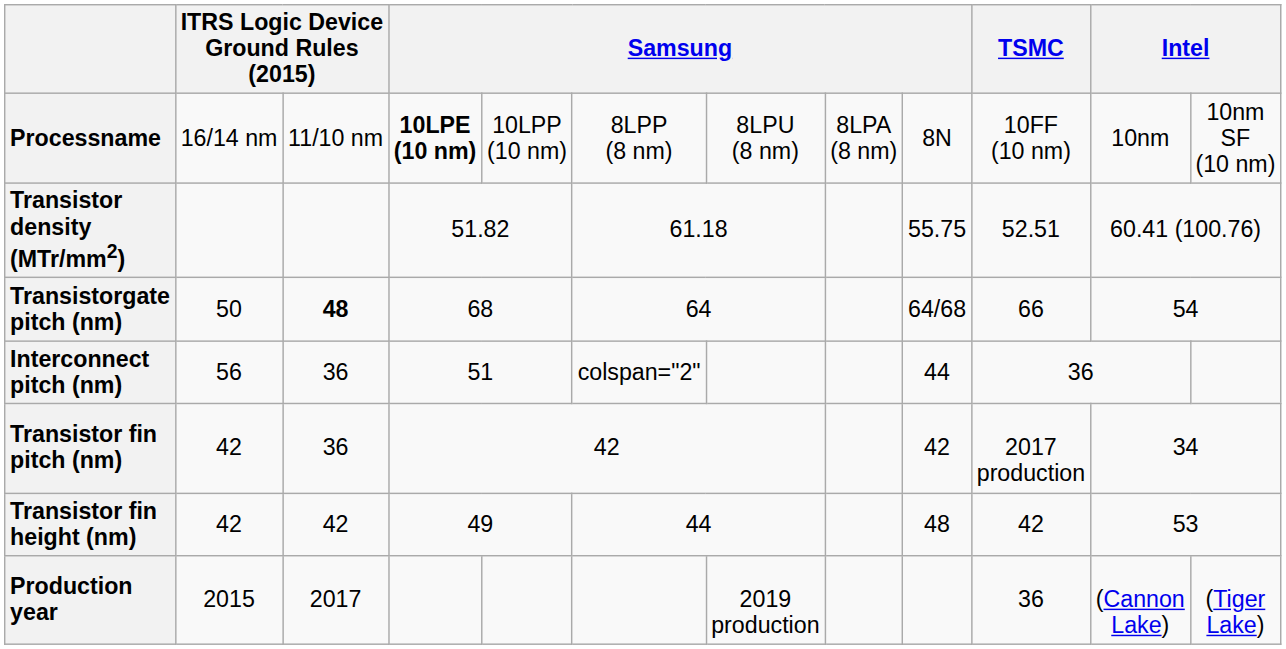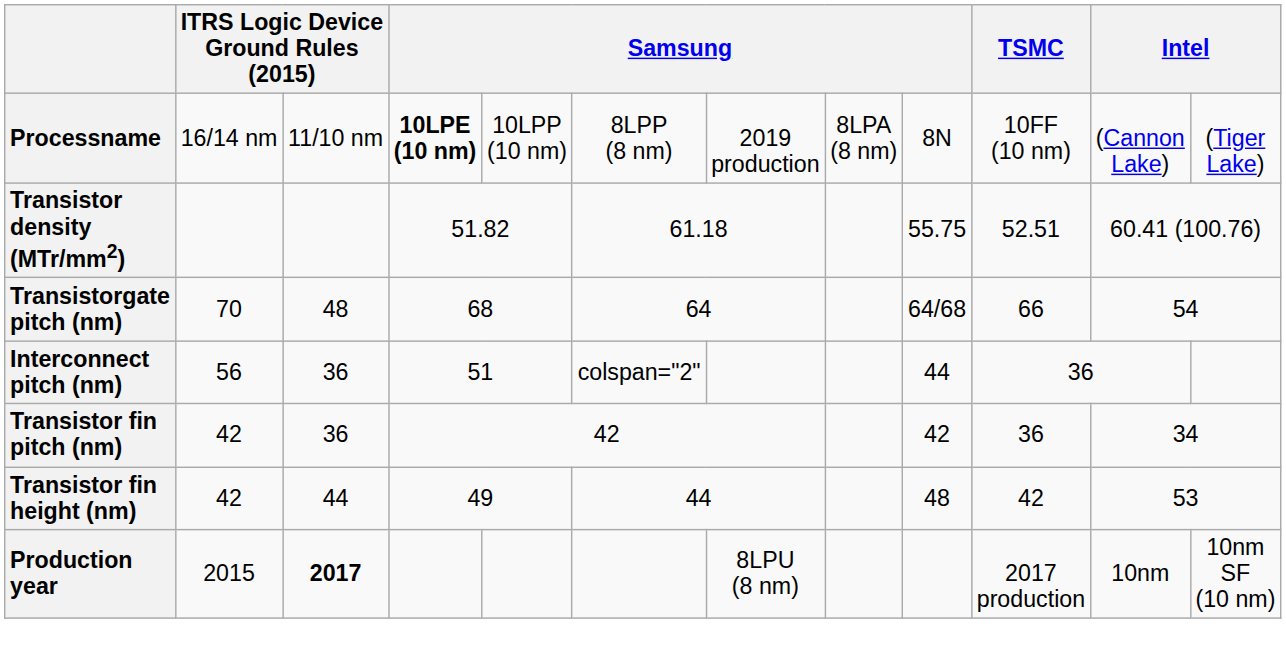 <table class="wikitable" style="text-align:center;">
 <tr>
 <th></th>
 <th colspan="2">ITRS Logic Device<br>Ground Rules (2015)</th>
 <th colspan="6"><a href='#'>Samsung</a></th>
 <th><a href='#'>TSMC</a></th>
 <th colspan="2"><a href='#'>Intel</a></th>
 </tr>
 <tr>
 <th style="text-align:left;">Processname</th>
 <td>16/14 nm</td>
 <td>11/10 nm</td>
 <td><strong>10LPE<br>(10 nm)</strong></td>
 <td>10LPP<br>(10 nm)</td>
 <td>8LPP<br>(8 nm)</td>
-<td>8LPU<br>(8 nm)</td>
+<td><br>2019 production</td>
 <td>8LPA<br>(8 nm)</td>
 <td>8N</td>
 <td>10FF<br>(10 nm)</td>
-<td>10nm</td>
-<td>10nm SF<br>(10 nm)</td>
+<td> <br>(<a href='#'>Cannon Lake</a>)</td>
+<td> <br>(<a href='#'>Tiger Lake</a>)</td>
 </tr>
 <tr>
 <th style="text-align:left;">Transistor density (MTr/mm<sup>2</sup>)</th>
 <td></td>
 <td></td>
 <td colspan="2">51.82</td>
 <td colspan="2">61.18</td>
 <td></td>
 <td>55.75</td>
 <td>52.51</td>
 <td colspan="2">60.41 (100.76)</td>
 </tr>
 <tr>
 <th style="text-align:left;">Transistorgate pitch (nm)</th>
-<td>50</td>
-<td><strong>48</strong></td>
+<td>70</td>
+<td>48</td>
 <td colspan="2">68</td>
 <td colspan="2">64</td>
 <td></td>
 <td>64/68</td>
 <td>66</td>
 <td colspan="2">54</td>
 </tr>
 <tr>
 <th style="text-align:left;">Interconnect pitch (nm)</th>
 <td>56</td>
 <td>36</td>
 <td colspan="2">51</td>
 <td>colspan="2" </td>
 <td></td>
 <td></td>
 <td>44</td>
 <td colspan="2">36</td>
 </tr>
 <tr>
 <th style="text-align:left;">Transistor fin pitch (nm)</th>
 <td>42</td>
 <td>36</td>
 <td colspan="4">42</td>
 <td></td>
 <td>42</td>
-<td><br>2017 production</td>
+<td>36</td>
 <td colspan="2">34</td>
 </tr>
 <tr>
 <th style="text-align:left;">Transistor fin height (nm)</th>
 <td>42</td>
-<td>42</td>
+<td>44</td>
 <td colspan="2">49</td>
 <td colspan="2">44</td>
 <td></td>
 <td>48</td>
 <td>42</td>
 <td colspan="2">53</td>
 </tr>
 <tr>
 <th style="text-align:left;">Production year</th>
 <td>2015</td>
-<td>2017</td>
+<td><strong>2017</strong></td>
 <td></td>
 <td></td>
 <td></td>
-<td><br>2019 production</td>
+<td>8LPU<br>(8 nm)</td>
 <td></td>
 <td></td>
-<td>36</td>
-<td> <br>(<a href='#'>Cannon Lake</a>)</td>
-<td> <br>(<a href='#'>Tiger Lake</a>)</td>
+<td><br>2017 production</td>
+<td>10nm</td>
+<td>10nm SF<br>(10 nm)</td>
 </tr>
 </table>
